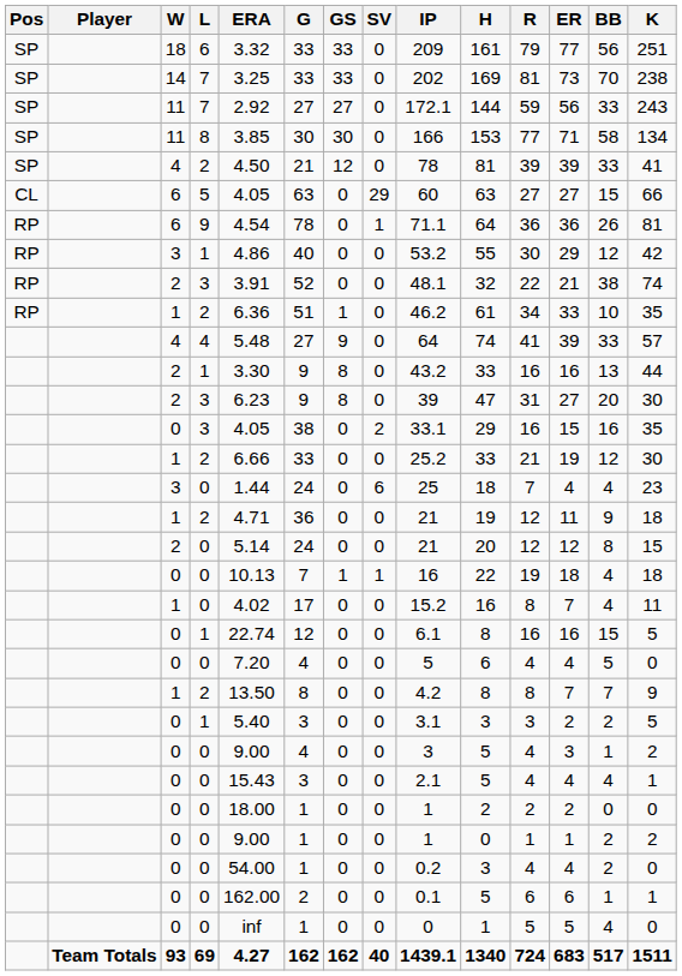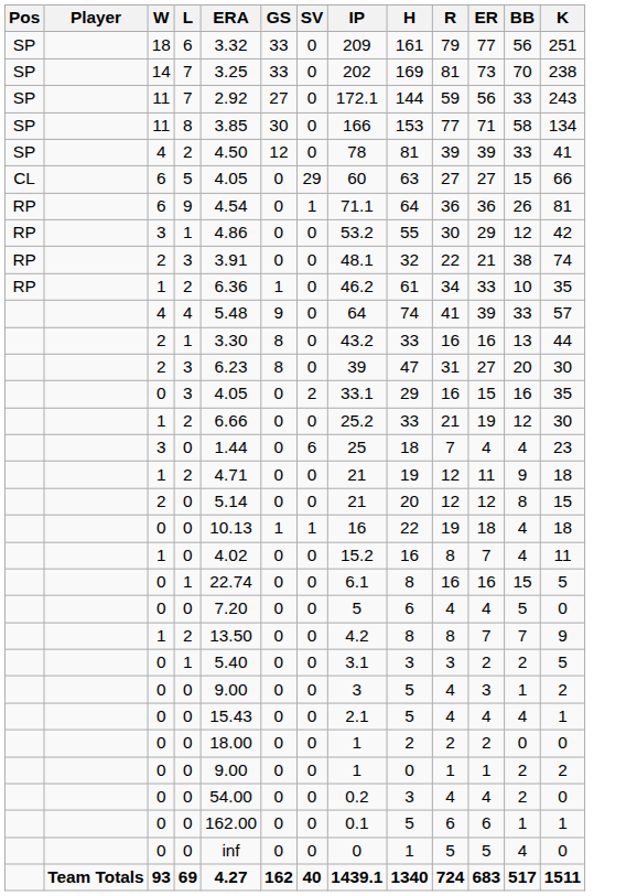 <table class="wikitable sortable">
 <tr>
 <th>Pos</th>
 <th>Player</th>
 <th>W</th>
 <th>L</th>
 <th>ERA</th>
-<th>G</th>
 <th>GS</th>
 <th>SV</th>
 <th>IP</th>
 <th>H</th>
 <th>R</th>
 <th>ER</th>
 <th>BB</th>
 <th>K</th>
 </tr>
 <tr align="center">
 <td>SP</td>
 <td></td>
 <td>18</td>
 <td>6</td>
 <td>3.32</td>
 <td>33</td>
-<td>33</td>
 <td>0</td>
 <td>209</td>
 <td>161</td>
 <td>79</td>
 <td>77</td>
 <td>56</td>
 <td>251</td>
 </tr>
 <tr align="center">
 <td>SP</td>
 <td></td>
 <td>14</td>
 <td>7</td>
 <td>3.25</td>
-<td>33</td>
 <td>33</td>
 <td>0</td>
 <td>202</td>
 <td>169</td>
 <td>81</td>
 <td>73</td>
 <td>70</td>
 <td>238</td>
 </tr>
 <tr align="center">
 <td>SP</td>
 <td></td>
 <td>11</td>
 <td>7</td>
 <td>2.92</td>
 <td>27</td>
-<td>27</td>
 <td>0</td>
 <td>172.1</td>
 <td>144</td>
 <td>59</td>
 <td>56</td>
 <td>33</td>
 <td>243</td>
 </tr>
 <tr align="center">
 <td>SP</td>
 <td></td>
 <td>11</td>
 <td>8</td>
 <td>3.85</td>
 <td>30</td>
-<td>30</td>
 <td>0</td>
 <td>166</td>
 <td>153</td>
 <td>77</td>
 <td>71</td>
 <td>58</td>
 <td>134</td>
 </tr>
 <tr align="center">
 <td>SP</td>
 <td></td>
 <td>4</td>
 <td>2</td>
 <td>4.50</td>
-<td>21</td>
 <td>12</td>
 <td>0</td>
 <td>78</td>
 <td>81</td>
 <td>39</td>
 <td>39</td>
 <td>33</td>
 <td>41</td>
 </tr>
 <tr align="center">
 <td>CL</td>
 <td></td>
 <td>6</td>
 <td>5</td>
 <td>4.05</td>
-<td>63</td>
 <td>0</td>
 <td>29</td>
 <td>60</td>
 <td>63</td>
 <td>27</td>
 <td>27</td>
 <td>15</td>
 <td>66</td>
 </tr>
 <tr align="center">
 <td>RP</td>
 <td></td>
 <td>6</td>
 <td>9</td>
 <td>4.54</td>
-<td>78</td>
 <td>0</td>
 <td>1</td>
 <td>71.1</td>
 <td>64</td>
 <td>36</td>
 <td>36</td>
 <td>26</td>
 <td>81</td>
 </tr>
 <tr align="center">
 <td>RP</td>
 <td></td>
 <td>3</td>
 <td>1</td>
 <td>4.86</td>
-<td>40</td>
 <td>0</td>
 <td>0</td>
 <td>53.2</td>
 <td>55</td>
 <td>30</td>
 <td>29</td>
 <td>12</td>
 <td>42</td>
 </tr>
 <tr align="center">
 <td>RP</td>
 <td></td>
 <td>2</td>
 <td>3</td>
 <td>3.91</td>
-<td>52</td>
 <td>0</td>
 <td>0</td>
 <td>48.1</td>
 <td>32</td>
 <td>22</td>
 <td>21</td>
 <td>38</td>
 <td>74</td>
 </tr>
 <tr align="center">
 <td>RP</td>
 <td></td>
 <td>1</td>
 <td>2</td>
 <td>6.36</td>
-<td>51</td>
 <td>1</td>
 <td>0</td>
 <td>46.2</td>
 <td>61</td>
 <td>34</td>
 <td>33</td>
 <td>10</td>
 <td>35</td>
 </tr>
 <tr align="center">
 <td></td>
 <td></td>
 <td>4</td>
 <td>4</td>
 <td>5.48</td>
-<td>27</td>
 <td>9</td>
 <td>0</td>
 <td>64</td>
 <td>74</td>
 <td>41</td>
 <td>39</td>
 <td>33</td>
 <td>57</td>
 </tr>
 <tr align="center">
 <td></td>
 <td></td>
 <td>2</td>
 <td>1</td>
 <td>3.30</td>
-<td>9</td>
 <td>8</td>
 <td>0</td>
 <td>43.2</td>
 <td>33</td>
 <td>16</td>
 <td>16</td>
 <td>13</td>
 <td>44</td>
 </tr>
 <tr align="center">
 <td></td>
 <td></td>
 <td>2</td>
 <td>3</td>
 <td>6.23</td>
-<td>9</td>
 <td>8</td>
 <td>0</td>
 <td>39</td>
 <td>47</td>
 <td>31</td>
 <td>27</td>
 <td>20</td>
 <td>30</td>
 </tr>
 <tr align="center">
 <td></td>
 <td></td>
 <td>0</td>
 <td>3</td>
 <td>4.05</td>
-<td>38</td>
 <td>0</td>
 <td>2</td>
 <td>33.1</td>
 <td>29</td>
 <td>16</td>
 <td>15</td>
 <td>16</td>
 <td>35</td>
 </tr>
 <tr align="center">
 <td></td>
 <td></td>
 <td>1</td>
 <td>2</td>
 <td>6.66</td>
-<td>33</td>
 <td>0</td>
 <td>0</td>
 <td>25.2</td>
 <td>33</td>
 <td>21</td>
 <td>19</td>
 <td>12</td>
 <td>30</td>
 </tr>
 <tr align="center">
 <td></td>
 <td></td>
 <td>3</td>
 <td>0</td>
 <td>1.44</td>
-<td>24</td>
 <td>0</td>
 <td>6</td>
 <td>25</td>
 <td>18</td>
 <td>7</td>
 <td>4</td>
 <td>4</td>
 <td>23</td>
 </tr>
 <tr align="center">
 <td></td>
 <td></td>
 <td>1</td>
 <td>2</td>
 <td>4.71</td>
-<td>36</td>
 <td>0</td>
 <td>0</td>
 <td>21</td>
 <td>19</td>
 <td>12</td>
 <td>11</td>
 <td>9</td>
 <td>18</td>
 </tr>
 <tr align="center">
 <td></td>
 <td></td>
 <td>2</td>
 <td>0</td>
 <td>5.14</td>
-<td>24</td>
 <td>0</td>
 <td>0</td>
 <td>21</td>
 <td>20</td>
 <td>12</td>
 <td>12</td>
 <td>8</td>
 <td>15</td>
 </tr>
 <tr align="center">
 <td></td>
 <td></td>
 <td>0</td>
 <td>0</td>
 <td>10.13</td>
-<td>7</td>
 <td>1</td>
 <td>1</td>
 <td>16</td>
 <td>22</td>
 <td>19</td>
 <td>18</td>
 <td>4</td>
 <td>18</td>
 </tr>
 <tr align="center">
 <td></td>
 <td></td>
 <td>1</td>
 <td>0</td>
 <td>4.02</td>
-<td>17</td>
 <td>0</td>
 <td>0</td>
 <td>15.2</td>
 <td>16</td>
 <td>8</td>
 <td>7</td>
 <td>4</td>
 <td>11</td>
 </tr>
 <tr align="center">
 <td></td>
 <td></td>
 <td>0</td>
 <td>1</td>
 <td>22.74</td>
-<td>12</td>
 <td>0</td>
 <td>0</td>
 <td>6.1</td>
 <td>8</td>
 <td>16</td>
 <td>16</td>
 <td>15</td>
 <td>5</td>
 </tr>
 <tr align="center">
 <td></td>
 <td></td>
 <td>0</td>
 <td>0</td>
 <td>7.20</td>
-<td>4</td>
 <td>0</td>
 <td>0</td>
 <td>5</td>
 <td>6</td>
 <td>4</td>
 <td>4</td>
 <td>5</td>
 <td>0</td>
 </tr>
 <tr align="center">
 <td></td>
 <td></td>
 <td>1</td>
 <td>2</td>
 <td>13.50</td>
-<td>8</td>
 <td>0</td>
 <td>0</td>
 <td>4.2</td>
 <td>8</td>
 <td>8</td>
 <td>7</td>
 <td>7</td>
 <td>9</td>
 </tr>
 <tr align="center">
 <td></td>
 <td></td>
 <td>0</td>
 <td>1</td>
 <td>5.40</td>
-<td>3</td>
 <td>0</td>
 <td>0</td>
 <td>3.1</td>
 <td>3</td>
 <td>3</td>
 <td>2</td>
 <td>2</td>
 <td>5</td>
 </tr>
 <tr align="center">
 <td></td>
 <td></td>
 <td>0</td>
 <td>0</td>
 <td>9.00</td>
-<td>4</td>
 <td>0</td>
 <td>0</td>
 <td>3</td>
 <td>5</td>
 <td>4</td>
 <td>3</td>
 <td>1</td>
 <td>2</td>
 </tr>
 <tr align="center">
 <td></td>
 <td></td>
 <td>0</td>
 <td>0</td>
 <td>15.43</td>
-<td>3</td>
 <td>0</td>
 <td>0</td>
 <td>2.1</td>
 <td>5</td>
 <td>4</td>
 <td>4</td>
 <td>4</td>
 <td>1</td>
 </tr>
 <tr align="center">
 <td></td>
 <td></td>
 <td>0</td>
 <td>0</td>
 <td>18.00</td>
-<td>1</td>
 <td>0</td>
 <td>0</td>
 <td>1</td>
 <td>2</td>
 <td>2</td>
 <td>2</td>
 <td>0</td>
 <td>0</td>
 </tr>
 <tr align="center">
 <td></td>
 <td></td>
 <td>0</td>
 <td>0</td>
 <td>9.00</td>
-<td>1</td>
 <td>0</td>
 <td>0</td>
 <td>1</td>
 <td>0</td>
 <td>1</td>
 <td>1</td>
 <td>2</td>
 <td>2</td>
 </tr>
 <tr align="center">
 <td></td>
 <td></td>
 <td>0</td>
 <td>0</td>
 <td>54.00</td>
-<td>1</td>
 <td>0</td>
 <td>0</td>
 <td>0.2</td>
 <td>3</td>
 <td>4</td>
 <td>4</td>
 <td>2</td>
 <td>0</td>
 </tr>
 <tr align="center">
 <td></td>
 <td></td>
 <td>0</td>
 <td>0</td>
 <td>162.00</td>
-<td>2</td>
 <td>0</td>
 <td>0</td>
 <td>0.1</td>
 <td>5</td>
 <td>6</td>
 <td>6</td>
 <td>1</td>
 <td>1</td>
 </tr>
 <tr align="center">
 <td></td>
 <td></td>
 <td>0</td>
 <td>0</td>
 <td>inf</td>
-<td>1</td>
 <td>0</td>
 <td>0</td>
 <td>0</td>
 <td>1</td>
 <td>5</td>
 <td>5</td>
 <td>4</td>
 <td>0</td>
 </tr>
 <tr align="center" class="unsortable">
 <td></td>
 <td><strong>Team Totals</strong></td>
 <td><strong>93</strong></td>
 <td><strong>69</strong></td>
 <td><strong>4.27</strong></td>
 <td><strong>162</strong></td>
-<td><strong>162</strong></td>
 <td><strong>40</strong></td>
 <td><strong>1439.1</strong></td>
 <td><strong>1340</strong></td>
 <td><strong>724</strong></td>
 <td><strong>683</strong></td>
 <td><strong>517</strong></td>
 <td><strong>1511</strong></td>
 </tr>
 </table>
